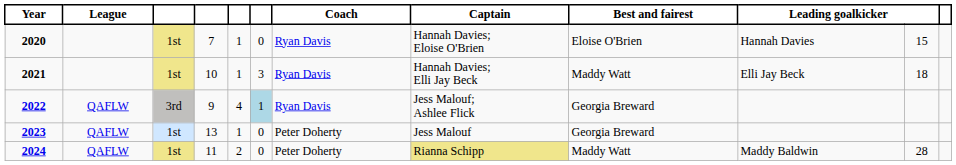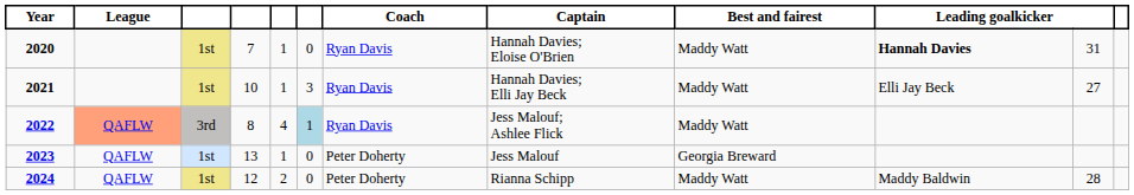 <table class="wikitable"; style="width:100%;">
 <tr valign="top">
 <th style="background:#FFFFFF; color:#000000; border:solid #000000 2px">Year</th>
 <th style="background:#FFFFFF; color:#000000; border:solid #000000 2px">League</th>
 <th style="background:#FFFFFF; color:#000000; border:solid #000000 2px"></th>
 <th style="background:#FFFFFF; color:#000000; border:solid #000000 2px"></th>
 <th style="background:#FFFFFF; color:#000000; border:solid #000000 2px"></th>
 <th style="background:#FFFFFF; color:#000000; border:solid #000000 2px"></th>
 <th style="background:#FFFFFF; color:#000000; border:solid #000000 2px">Coach</th>
 <th style="background:#FFFFFF; color:#000000; border:solid #000000 2px">Captain</th>
 <th style="background:#FFFFFF; color:#000000; border:solid #000000 2px">Best and fairest</th>
 <th colspan=2; style="background:#FFFFFF; color:#000000; border:solid #000000 2px">Leading goalkicker</th>
 <th style="background:#FFFFFF; color:#000000; border:solid #000000 2px"></th>
 </tr>
 <tr>
 <td align="center"><strong>2020</strong></td>
 <td align="center"></td>
 <td style=background:#F0E68C; align="center">1st</td>
 <td align="center">7</td>
 <td align="center">1</td>
 <td align="center">0</td>
 <td><a href='#'>Ryan Davis</a></td>
 <td>Hannah Davies; <br> Eloise O'Brien</td>
-<td>Eloise O'Brien</td>
-<td>Hannah Davies</td>
-<td align="center">15</td>
+<td>Maddy Watt</td>
+<td><strong>Hannah Davies</strong></td>
+<td align="center">31</td>
 <td align="center"></td>
 </tr>
 <tr>
 <td align="center"><strong>2021</strong></td>
 <td align="center"></td>
 <td style=background:#F0E68C; align="center">1st</td>
 <td align="center">10</td>
 <td align="center">1</td>
 <td align="center">3</td>
 <td><a href='#'>Ryan Davis</a></td>
 <td>Hannah Davies; <br> Elli Jay Beck</td>
 <td>Maddy Watt</td>
 <td>Elli Jay Beck</td>
-<td align="center">18</td>
+<td align="center">27</td>
 <td align="center"></td>
 </tr>
 <tr>
 <td align="center"><strong><a href='#'>2022</a></strong></td>
-<td align="center"><a href='#'>QAFLW</a></td>
+<td align="center" style="background: lightsalmon;"><a href='#'>QAFLW</a></td>
 <td style=background:#C0BFBD; align="center">3rd</td>
-<td align="center">9</td>
+<td align="center">8</td>
 <td align="center">4</td>
 <td align="center" style="background: lightblue;">1</td>
 <td><a href='#'>Ryan Davis</a></td>
 <td>Jess Malouf; <br> Ashlee Flick</td>
-<td>Georgia Breward</td>
+<td>Maddy Watt</td>
 <td></td>
 <td align="center"></td>
 <td align="center"></td>
 </tr>
 <tr>
 <td align="center"><strong><a href='#'>2023</a></strong></td>
 <td align="center"><a href='#'>QAFLW</a></td>
 <td style=background:#D0E7FF; align="center">1st</td>
 <td align="center">13</td>
 <td align="center">1</td>
 <td align="center">0</td>
 <td>Peter Doherty</td>
 <td>Jess Malouf</td>
 <td>Georgia Breward</td>
 <td></td>
 <td align="center"></td>
 <td align="center"></td>
 </tr>
 <tr>
 <td align="center"><strong><a href='#'>2024</a></strong></td>
 <td align="center"><a href='#'>QAFLW</a></td>
 <td style=background:#F0E68C; align="center">1st</td>
-<td align="center">11</td>
+<td align="center">12</td>
 <td align="center">2</td>
 <td align="center">0</td>
 <td>Peter Doherty</td>
-<td style="background: khaki;">Rianna Schipp</td>
+<td>Rianna Schipp</td>
 <td>Maddy Watt</td>
 <td>Maddy Baldwin</td>
 <td align="center">28</td>
 <td align="center"></td>
 </tr>
 </table>
